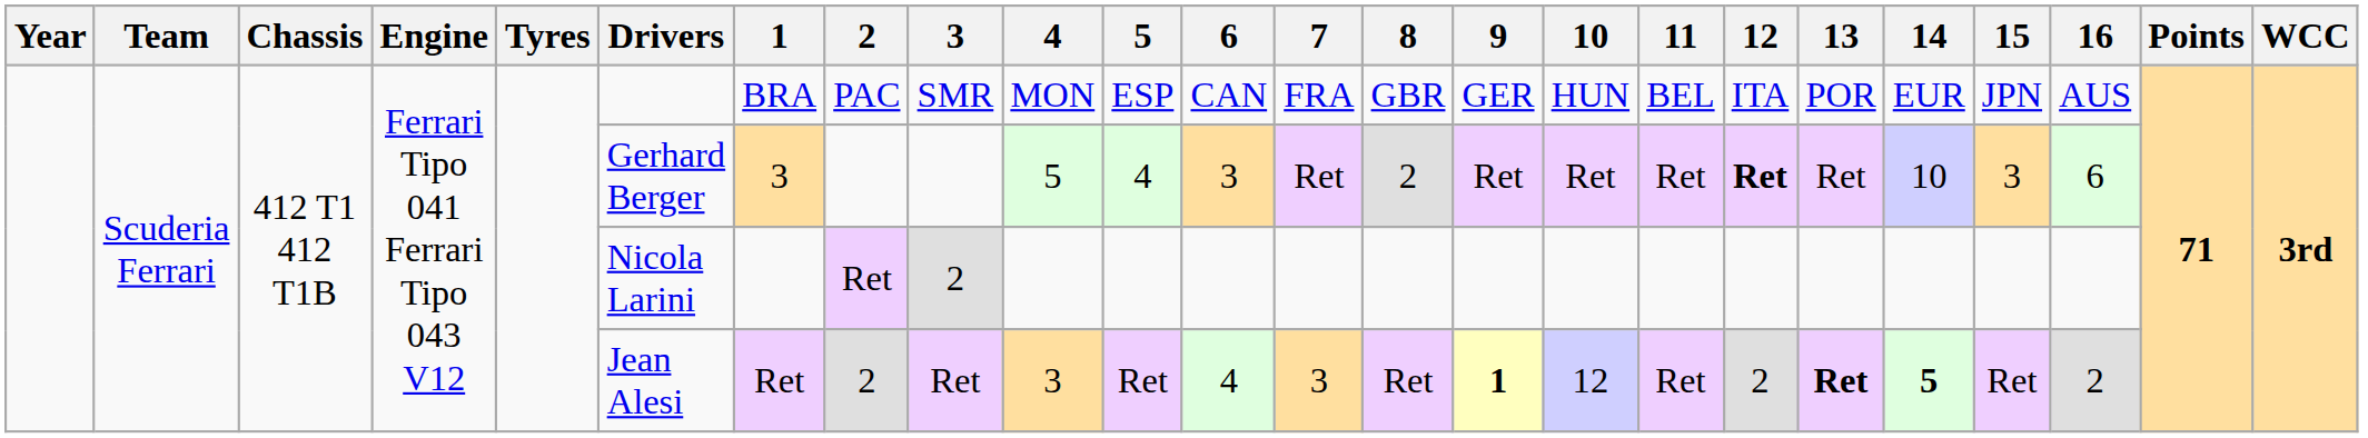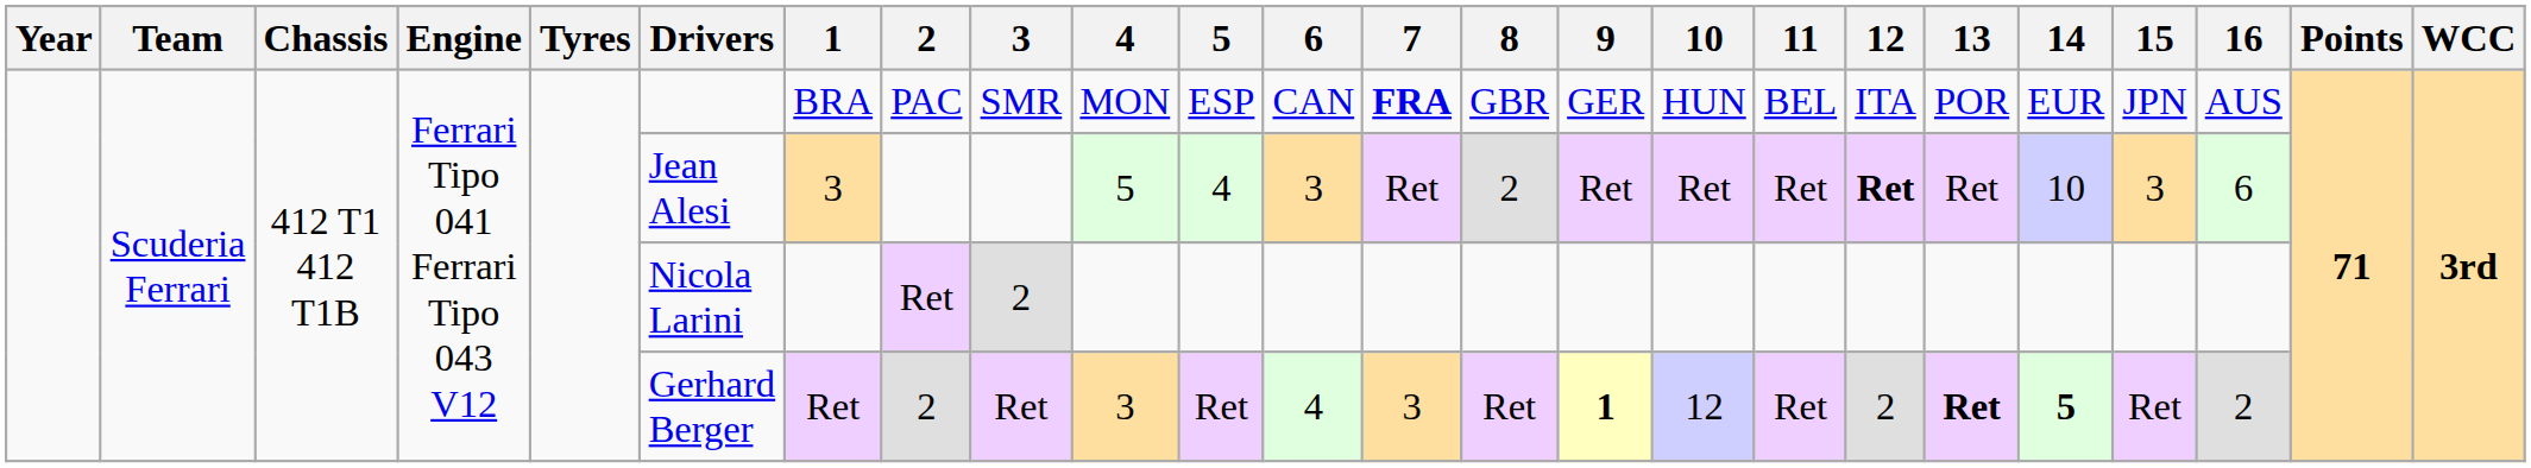 <table class="wikitable" style="text-align:center; font-size:95%">
 <tr>
 <th>Year</th>
 <th>Team</th>
 <th>Chassis</th>
 <th>Engine</th>
 <th>Tyres</th>
 <th>Drivers</th>
 <th>1</th>
 <th>2</th>
 <th>3</th>
 <th>4</th>
 <th>5</th>
 <th>6</th>
 <th>7</th>
 <th>8</th>
 <th>9</th>
 <th>10</th>
 <th>11</th>
 <th>12</th>
 <th>13</th>
 <th>14</th>
 <th>15</th>
 <th>16</th>
 <th>Points</th>
 <th>WCC</th>
 </tr>
 <tr>
 <td rowspan="4"></td>
 <td rowspan="4"><a href='#'>Scuderia Ferrari</a></td>
 <td rowspan="4">412 T1<br>412 T1B</td>
 <td rowspan="4"><a href='#'>Ferrari</a> Tipo 041 <br>Ferrari Tipo 043<br><a href='#'>V12</a></td>
 <td rowspan="4"></td>
 <td></td>
 <td><a href='#'>BRA</a></td>
 <td><a href='#'>PAC</a></td>
 <td><a href='#'>SMR</a></td>
 <td><a href='#'>MON</a></td>
 <td><a href='#'>ESP</a></td>
 <td><a href='#'>CAN</a></td>
-<td><a href='#'>FRA</a></td>
+<td><strong><a href='#'>FRA</a></strong></td>
 <td><a href='#'>GBR</a></td>
 <td><a href='#'>GER</a></td>
 <td><a href='#'>HUN</a></td>
 <td><a href='#'>BEL</a></td>
 <td><a href='#'>ITA</a></td>
 <td><a href='#'>POR</a></td>
 <td><a href='#'>EUR</a></td>
 <td><a href='#'>JPN</a></td>
 <td><a href='#'>AUS</a></td>
 <td rowspan="4" style="background:#ffdf9f;"><strong>71</strong></td>
 <td rowspan="4" style="background:#ffdf9f;"><strong>3rd</strong></td>
 </tr>
 <tr>
-<td align="left"> <a href='#'>Gerhard Berger</a></td>
+<td align="left"> <a href='#'>Jean Alesi</a></td>
 <td style="background:#ffdf9f;">3</td>
 <td></td>
 <td></td>
 <td style="background:#dfffdf;">5</td>
 <td style="background:#dfffdf;">4</td>
 <td style="background:#ffdf9f;">3</td>
 <td style="background:#efcfff;">Ret</td>
 <td style="background:#dfdfdf;">2</td>
 <td style="background:#efcfff;">Ret</td>
 <td style="background:#efcfff;">Ret</td>
 <td style="background:#efcfff;">Ret</td>
 <td style="background:#efcfff;"><strong>Ret</strong></td>
 <td style="background:#efcfff;">Ret</td>
 <td style="background:#cfcfff;">10</td>
 <td style="background:#ffdf9f;">3</td>
 <td style="background:#dfffdf;">6</td>
 </tr>
 <tr>
 <td align="left"> <a href='#'>Nicola Larini</a></td>
 <td></td>
 <td style="background:#efcfff;">Ret</td>
 <td style="background:#dfdfdf;">2</td>
 <td></td>
 <td></td>
 <td></td>
 <td></td>
 <td></td>
 <td></td>
 <td></td>
 <td></td>
 <td></td>
 <td></td>
 <td></td>
 <td></td>
 <td></td>
 </tr>
 <tr>
-<td align="left"> <a href='#'>Jean Alesi</a></td>
+<td align="left"> <a href='#'>Gerhard Berger</a></td>
 <td style="background:#efcfff;">Ret</td>
 <td style="background:#dfdfdf;">2</td>
 <td style="background:#efcfff;">Ret</td>
 <td style="background:#ffdf9f;">3</td>
 <td style="background:#efcfff;">Ret</td>
 <td style="background:#dfffdf;">4</td>
 <td style="background:#ffdf9f;">3</td>
 <td style="background:#efcfff;">Ret</td>
 <td style="background:#FFFFBF;"><strong>1</strong></td>
 <td style="background:#cfcfff;">12</td>
 <td style="background:#efcfff;">Ret</td>
 <td style="background:#dfdfdf;">2</td>
 <td style="background:#efcfff;"><strong>Ret</strong></td>
 <td style="background:#dfffdf;"><strong>5</strong></td>
 <td style="background:#efcfff;">Ret</td>
 <td style="background:#dfdfdf;">2</td>
 </tr>
 </table>
